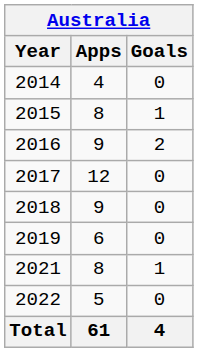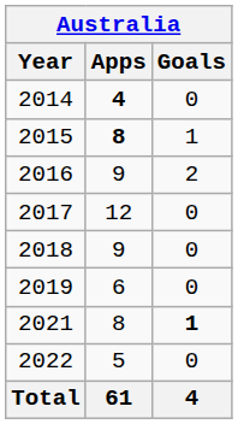 <table class="wikitable" style="text-align:center">
 <tr>
 <th colspan="3"><a href='#'>Australia</a></th>
 </tr>
 <tr>
 <th>Year</th>
 <th>Apps</th>
 <th>Goals</th>
 </tr>
 <tr>
 <td>2014</td>
-<td>4</td>
+<td><strong>4</strong></td>
 <td>0</td>
 </tr>
 <tr>
 <td>2015</td>
-<td>8</td>
+<td><strong>8</strong></td>
 <td>1</td>
 </tr>
 <tr>
 <td>2016</td>
 <td>9</td>
 <td>2</td>
 </tr>
 <tr>
 <td>2017</td>
 <td>12</td>
 <td>0</td>
 </tr>
 <tr>
 <td>2018</td>
 <td>9</td>
 <td>0</td>
 </tr>
 <tr>
 <td>2019</td>
 <td>6</td>
 <td>0</td>
 </tr>
 <tr>
 <td>2021</td>
 <td>8</td>
-<td>1</td>
+<td><strong>1</strong></td>
 </tr>
 <tr>
 <td>2022</td>
 <td>5</td>
 <td>0</td>
 </tr>
 <tr>
 <th>Total</th>
 <th>61</th>
 <th>4</th>
 </tr>
 </table>
